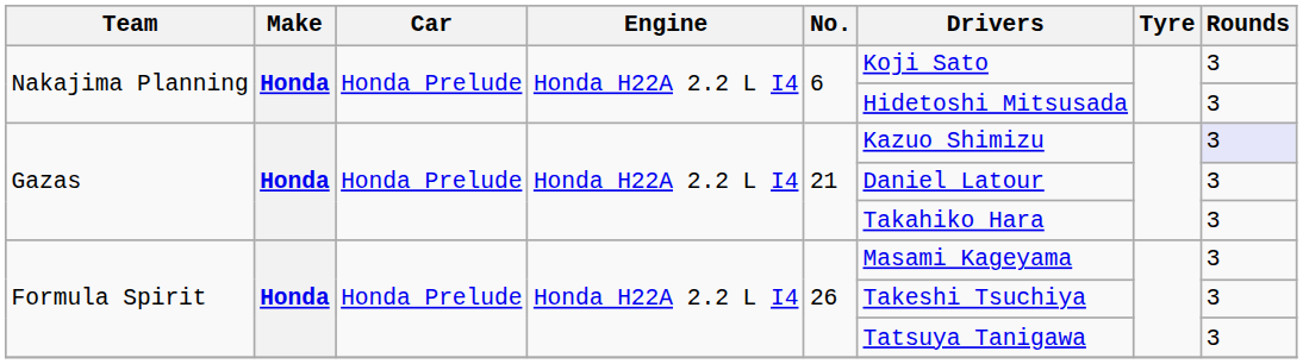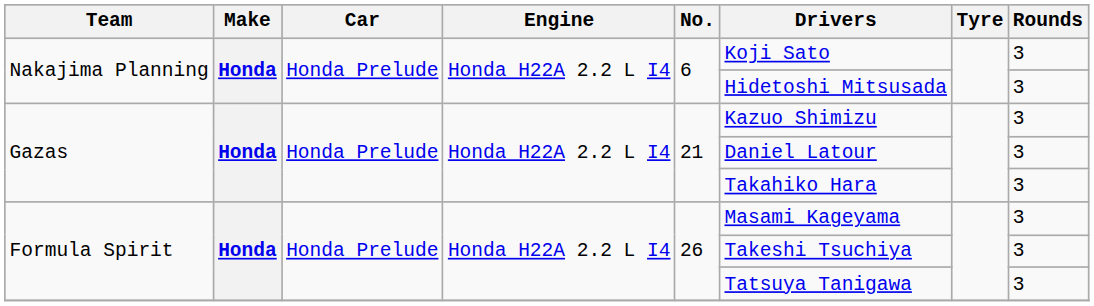 <table class="wikitable" style="font-size: 90%;">
 <tr>
 <th>Team</th>
 <th>Make</th>
 <th>Car</th>
 <th>Engine</th>
 <th>No.</th>
 <th>Drivers</th>
 <th>Tyre</th>
 <th>Rounds</th>
 </tr>
 <tr>
 <td rowspan=2>Nakajima Planning</td>
 <th rowspan=2><a href='#'>Honda</a></th>
 <td rowspan=2><a href='#'>Honda Prelude</a></td>
 <td rowspan=2><a href='#'>Honda H22A</a> 2.2 L <a href='#'>I4</a></td>
 <td rowspan=2>6</td>
 <td> <a href='#'>Koji Sato</a></td>
 <td rowspan=2></td>
 <td>3</td>
 </tr>
 <tr>
 <td> <a href='#'>Hidetoshi Mitsusada</a></td>
 <td>3</td>
 </tr>
 <tr>
 <td rowspan=3>Gazas</td>
 <th rowspan=3><a href='#'>Honda</a></th>
 <td rowspan=3><a href='#'>Honda Prelude</a></td>
 <td rowspan=3><a href='#'>Honda H22A</a> 2.2 L <a href='#'>I4</a></td>
 <td rowspan=3>21</td>
 <td> <a href='#'>Kazuo Shimizu</a></td>
 <td rowspan=3></td>
-<td style="background: lavender;">3</td>
+<td>3</td>
 </tr>
 <tr>
 <td> <a href='#'>Daniel Latour</a></td>
 <td>3</td>
 </tr>
 <tr>
 <td> <a href='#'>Takahiko Hara</a></td>
 <td>3</td>
 </tr>
 <tr>
 <td rowspan=3>Formula Spirit</td>
 <th rowspan=3><a href='#'>Honda</a></th>
 <td rowspan=3><a href='#'>Honda Prelude</a></td>
 <td rowspan=3><a href='#'>Honda H22A</a> 2.2 L <a href='#'>I4</a></td>
 <td rowspan=3>26</td>
 <td> <a href='#'>Masami Kageyama</a></td>
 <td rowspan=3></td>
 <td>3</td>
 </tr>
 <tr>
 <td> <a href='#'>Takeshi Tsuchiya</a></td>
 <td>3</td>
 </tr>
 <tr>
 <td> <a href='#'>Tatsuya Tanigawa</a></td>
 <td>3</td>
 </tr>
 <tr>
 </tr>
 </table>
